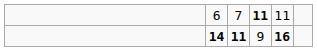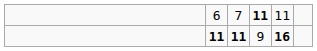 <table class="wikitable">
 <tr>
 <td style="width:15em"></td>
 <td align=center style="width:1em">6</td>
 <td align=center style="width:1em">7</td>
 <td align=center style="width:1em"><strong>11</strong></td>
 <td align=center style="width:1em">11</td>
 <td align=center style="width:1em"></td>
 </tr>
 <tr>
 <td style="width:15em"></td>
-<td align=center style="width:1em"><strong>14</strong></td>
+<td align=center style="width:1em"><strong>11</strong></td>
 <td align=center style="width:1em"><strong>11</strong></td>
 <td align=center style="width:1em">9</td>
 <td align=center style="width:1em"><strong>16</strong></td>
 <td align=center style="width:1em"></td>
 </tr>
 </table>
